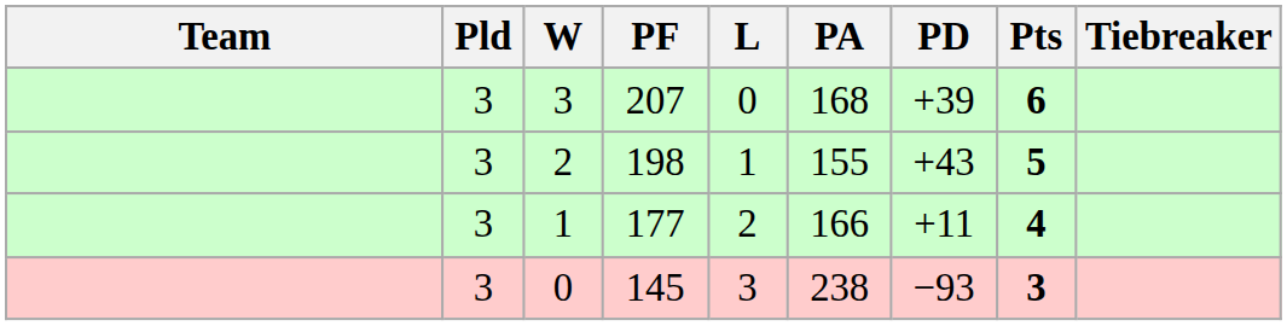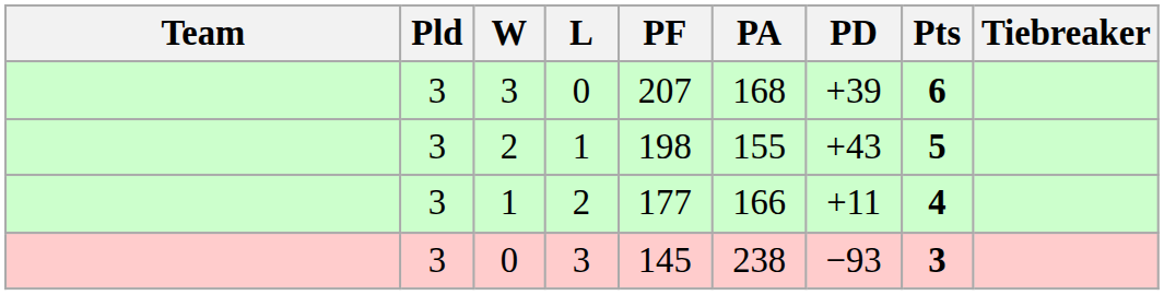 <table class="wikitable" style="text-align:center;">
 <tr>
 <th width=170>Team</th>
 <th width=25>Pld</th>
 <th width=25>W</th>
+<th width=25>L</th>
 <th width=35>PF</th>
-<th width=25>L</th>
 <th width=35>PA</th>
 <th width=35>PD</th>
 <th width=25>Pts</th>
 <th width=50>Tiebreaker</th>
 </tr>
 <tr bgcolor=ccffcc>
 <td align="left"></td>
 <td>3</td>
 <td>3</td>
+<td>0</td>
 <td>207</td>
-<td>0</td>
 <td>168</td>
 <td>+39</td>
 <td><strong>6</strong></td>
 <td></td>
 </tr>
 <tr bgcolor=ccffcc>
 <td align="left"></td>
 <td>3</td>
 <td>2</td>
+<td>1</td>
 <td>198</td>
-<td>1</td>
 <td>155</td>
 <td>+43</td>
 <td><strong>5</strong></td>
 <td></td>
 </tr>
 <tr bgcolor=ccffcc>
 <td align="left"></td>
 <td>3</td>
 <td>1</td>
+<td>2</td>
 <td>177</td>
-<td>2</td>
 <td>166</td>
 <td>+11</td>
 <td><strong>4</strong></td>
 <td></td>
 </tr>
 <tr bgcolor=ffcccc>
 <td align="left"></td>
 <td>3</td>
 <td>0</td>
+<td>3</td>
 <td>145</td>
-<td>3</td>
 <td>238</td>
 <td>−93</td>
 <td><strong>3</strong></td>
 <td></td>
 </tr>
 </table>
